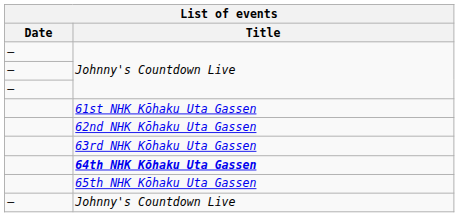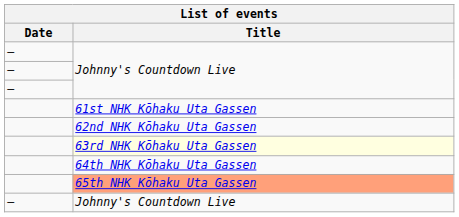 <table class="wikitable" style="clear:none; padding:0 auto; width:40%; margin:auto align:left;">
 <tr>
 <th colspan=2>List of events</th>
 </tr>
 <tr>
 <th>Date</th>
 <th>Title</th>
 </tr>
 <tr>
 <td> – </td>
 <td rowspan=3><em>Johnny's Countdown Live</em></td>
 </tr>
 <tr>
 <td> – </td>
 </tr>
 <tr>
 <td> – </td>
 </tr>
 <tr>
 <td></td>
 <td><em><a href='#'>61st NHK Kōhaku Uta Gassen</a></em></td>
 </tr>
 <tr>
 <td></td>
 <td><em><a href='#'>62nd NHK Kōhaku Uta Gassen</a></em></td>
 </tr>
 <tr>
 <td></td>
-<td><em><a href='#'>63rd NHK Kōhaku Uta Gassen</a></em></td>
+<td style="background: lightyellow;"><em><a href='#'>63rd NHK Kōhaku Uta Gassen</a></em></td>
 </tr>
 <tr>
 <td></td>
-<td><strong><em><a href='#'>64th NHK Kōhaku Uta Gassen</a></em></strong></td>
+<td><em><a href='#'>64th NHK Kōhaku Uta Gassen</a></em></td>
 </tr>
 <tr>
 <td></td>
-<td><em><a href='#'>65th NHK Kōhaku Uta Gassen</a></em></td>
+<td style="background: lightsalmon;"><em><a href='#'>65th NHK Kōhaku Uta Gassen</a></em></td>
 </tr>
 <tr>
 <td> – </td>
 <td><em>Johnny's Countdown Live</em></td>
 </tr>
 </table>
